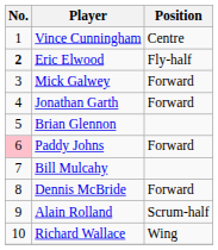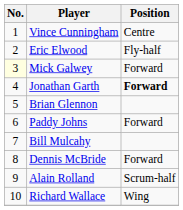 <table class="wikitable sortable">
 <tr>
 <th>No.</th>
 <th>Player</th>
 <th>Position</th>
 </tr>
 <tr>
 <td align=center>1</td>
 <td><a href='#'>Vince Cunningham</a></td>
 <td>Centre</td>
 </tr>
 <tr>
-<td align=center><strong>2</strong></td>
+<td align=center>2</td>
 <td><a href='#'>Eric Elwood</a></td>
 <td>Fly-half</td>
 </tr>
 <tr>
-<td align=center>3</td>
+<td align=center style="background: lightyellow;">3</td>
 <td><a href='#'>Mick Galwey</a></td>
 <td>Forward</td>
 </tr>
 <tr>
 <td align=center>4</td>
 <td><a href='#'>Jonathan Garth</a></td>
-<td>Forward</td>
+<td><strong>Forward</strong></td>
 </tr>
 <tr>
 <td align=center>5</td>
 <td><a href='#'>Brian Glennon</a></td>
 <td></td>
 </tr>
 <tr>
-<td align=center style="background: pink;">6</td>
+<td align=center>6</td>
 <td><a href='#'>Paddy Johns</a></td>
 <td>Forward</td>
 </tr>
 <tr>
 <td align=center>7</td>
 <td><a href='#'>Bill Mulcahy</a></td>
 <td></td>
 </tr>
 <tr>
 <td align=center>8</td>
 <td><a href='#'>Dennis McBride</a></td>
 <td>Forward</td>
 </tr>
 <tr>
 <td align=center>9</td>
 <td><a href='#'>Alain Rolland</a></td>
 <td>Scrum-half</td>
 </tr>
 <tr>
 <td align=center>10</td>
 <td><a href='#'>Richard Wallace</a></td>
 <td>Wing</td>
 </tr>
 <tr>
 </tr>
 </table>
